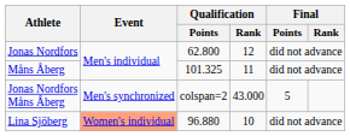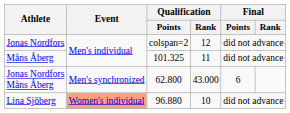 <table class="wikitable" style="font-size:90%">
 <tr>
 <th rowspan="2">Athlete</th>
 <th rowspan="2">Event</th>
 <th colspan=2>Qualification</th>
 <th colspan=2>Final</th>
 </tr>
 <tr style="font-size:95%">
 <th>Points</th>
 <th>Rank</th>
 <th>Points</th>
 <th>Rank</th>
 </tr>
 <tr align=center>
 <td align=left><a href='#'>Jonas Nordfors</a></td>
 <td align=left rowspan=2><a href='#'>Men's individual</a></td>
-<td>62.800</td>
+<td>colspan=2 </td>
 <td>12</td>
 <td colspan=2>did not advance</td>
 </tr>
 <tr align=center>
 <td align=left><a href='#'>Måns Åberg</a></td>
 <td>101.325</td>
 <td>11</td>
 <td colspan=2>did not advance</td>
 </tr>
 <tr align=center>
 <td align=left><a href='#'>Jonas Nordfors</a><br><a href='#'>Måns Åberg</a></td>
 <td align=left><a href='#'>Men's synchronized</a></td>
-<td>colspan=2 </td>
+<td>62.800</td>
 <td>43.000</td>
-<td>5</td>
+<td>6</td>
 </tr>
 <tr align=center>
 <td align=left><a href='#'>Lina Sjöberg</a></td>
 <td align=left style="background: lightsalmon;"><a href='#'>Women's individual</a></td>
 <td>96.880</td>
 <td>10</td>
 <td colspan=2>did not advance</td>
 </tr>
 </table>
